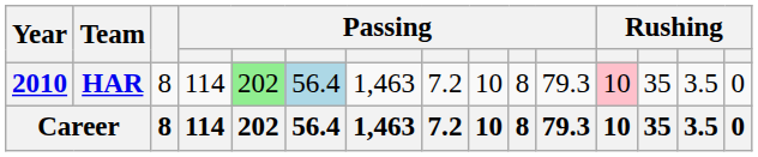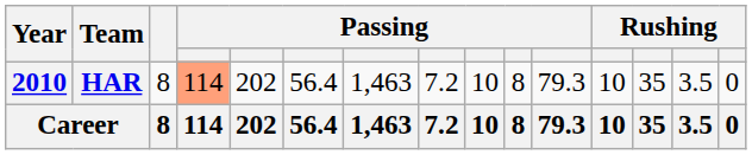 <table class="wikitable" style="text-align:center;">
 <tr>
 <th rowspan="2">Year</th>
 <th rowspan="2">Team</th>
 <th rowspan="2"></th>
 <th colspan="8">Passing</th>
 <th colspan="4">Rushing</th>
 </tr>
 <tr>
 <th></th>
 <th></th>
 <th></th>
 <th></th>
 <th></th>
 <th></th>
 <th></th>
 <th></th>
 <th></th>
 <th></th>
 <th></th>
 <th></th>
 </tr>
 <tr>
 <th><a href='#'>2010</a></th>
 <th><a href='#'>HAR</a></th>
 <td>8</td>
-<td>114</td>
-<td style="background: lightgreen;">202</td>
-<td style="background: lightblue;">56.4</td>
+<td style="background: lightsalmon;">114</td>
+<td>202</td>
+<td>56.4</td>
 <td>1,463</td>
 <td>7.2</td>
 <td>10</td>
 <td>8</td>
 <td>79.3</td>
-<td style="background: pink;">10</td>
+<td>10</td>
 <td>35</td>
 <td>3.5</td>
 <td>0</td>
 </tr>
 <tr>
 <th colspan="2">Career</th>
 <th>8</th>
 <th>114</th>
 <th>202</th>
 <th>56.4</th>
 <th>1,463</th>
 <th>7.2</th>
 <th>10</th>
 <th>8</th>
 <th>79.3</th>
 <th>10</th>
 <th>35</th>
 <th>3.5</th>
 <th>0</th>
 </tr>
 </table>
